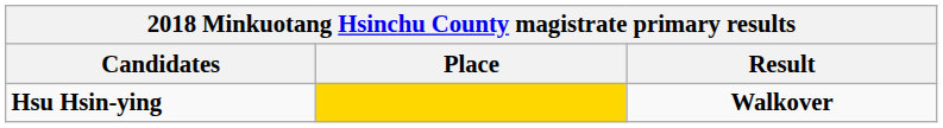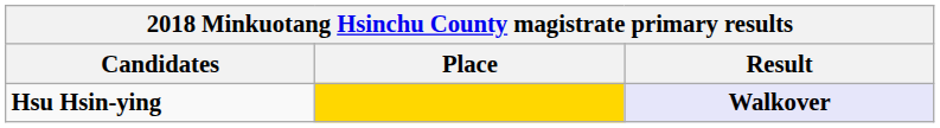 <table class="wikitable collapsible">
 <tr>
 <th colspan="5" width=600>2018 Minkuotang <a href='#'>Hsinchu County</a> magistrate primary results</th>
 </tr>
 <tr>
 <th width=80>Candidates</th>
 <th width=80>Place</th>
 <th width=80>Result</th>
 </tr>
 <tr>
 <td><strong>Hsu Hsin-ying</strong></td>
 <td style="background: #ffd700; text-align:center"><strong></strong></td>
-<td style="text-align:center"><strong>Walkover</strong></td>
+<td style="background: lavender; text-align:center"><strong>Walkover</strong></td>
 </tr>
 </table>
